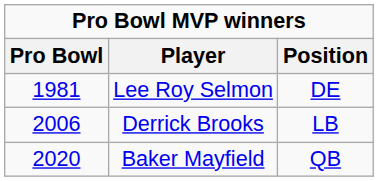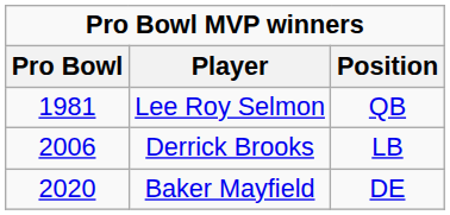 <table class="wikitable" style="text-align:center">
 <tr>
 <td colspan="3"><strong>Pro Bowl MVP winners</strong></td>
 </tr>
 <tr>
 <th>Pro Bowl</th>
 <th>Player</th>
 <th>Position</th>
 </tr>
 <tr>
 <td><a href='#'>1981</a></td>
 <td><a href='#'>Lee Roy Selmon</a></td>
-<td><a href='#'>DE</a></td>
+<td><a href='#'>QB</a></td>
 </tr>
 <tr>
 <td><a href='#'>2006</a></td>
 <td><a href='#'>Derrick Brooks</a></td>
 <td><a href='#'>LB</a></td>
 </tr>
 <tr>
 <td><a href='#'>2020</a></td>
 <td><a href='#'>Baker Mayfield</a></td>
-<td><a href='#'>QB</a></td>
+<td><a href='#'>DE</a></td>
 </tr>
 </table>
